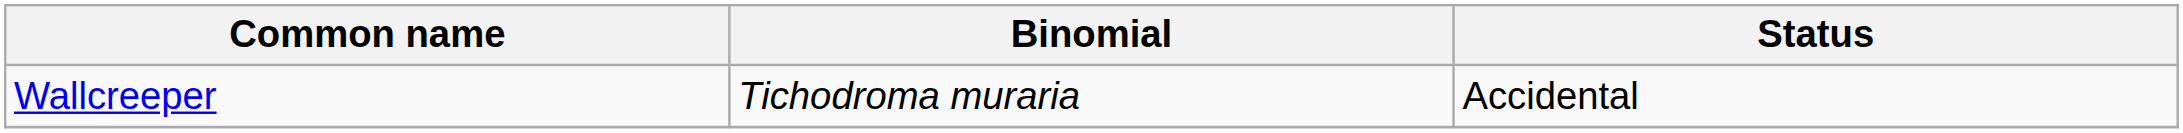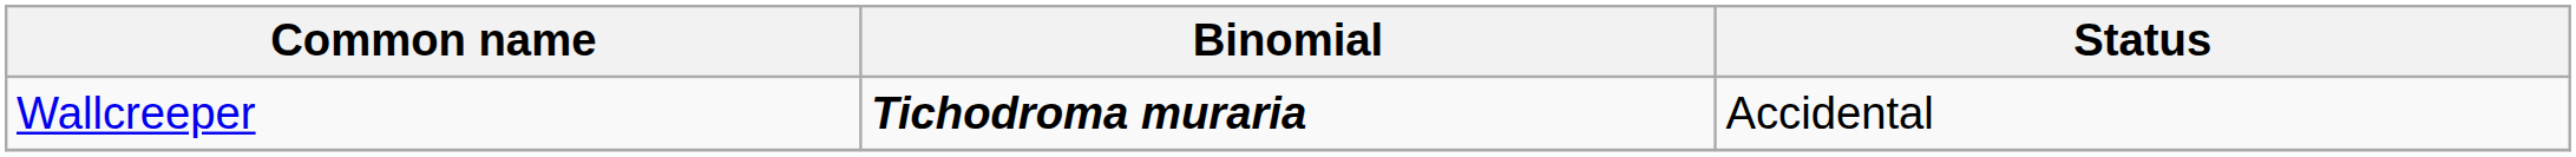 <table width=72% class="wikitable">
 <tr>
 <th width=24%>Common name</th>
 <th width=24%>Binomial</th>
 <th width=24%>Status</th>
 </tr>
 <tr>
 <td><a href='#'>Wallcreeper</a></td>
-<td><em>Tichodroma muraria</em></td>
+<td><strong><em>Tichodroma muraria</em></strong></td>
 <td>Accidental</td>
 </tr>
 <tr>
 </tr>
 </table>
